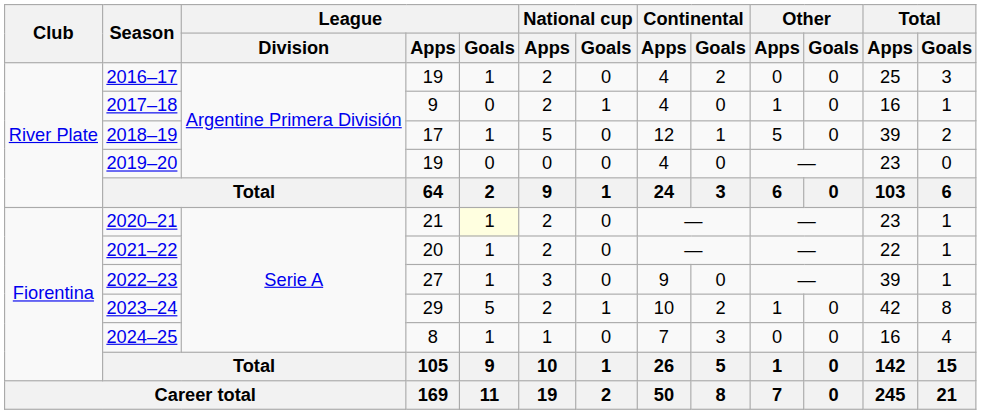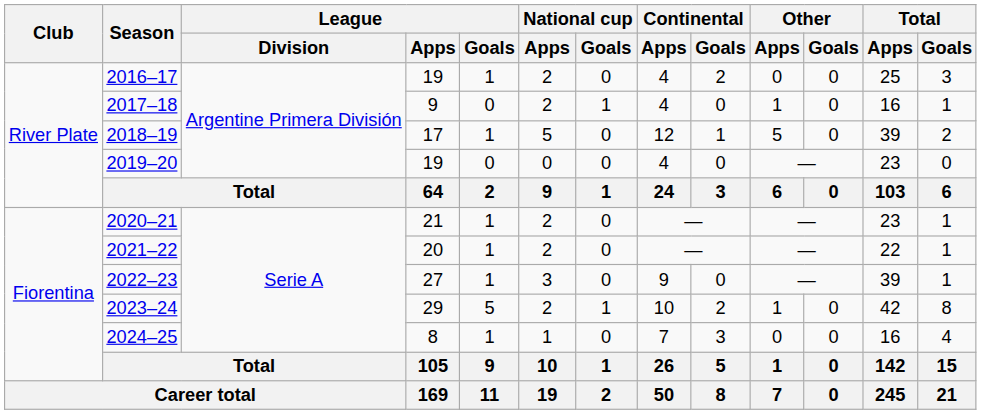 <table class="wikitable" style="text-align:center">
 <tr>
 <th rowspan="2">Club</th>
 <th rowspan="2">Season</th>
 <th colspan="3">League</th>
 <th colspan="2">National cup</th>
 <th colspan="2">Continental</th>
 <th colspan="2">Other</th>
 <th colspan="2">Total</th>
 </tr>
 <tr>
 <th>Division</th>
 <th>Apps</th>
 <th>Goals</th>
 <th>Apps</th>
 <th>Goals</th>
 <th>Apps</th>
 <th>Goals</th>
 <th>Apps</th>
 <th>Goals</th>
 <th>Apps</th>
 <th>Goals</th>
 </tr>
 <tr>
 <td rowspan="5"><a href='#'>River Plate</a></td>
 <td><a href='#'>2016–17</a></td>
 <td rowspan="4"><a href='#'>Argentine Primera División</a></td>
 <td>19</td>
 <td>1</td>
 <td>2</td>
 <td>0</td>
 <td>4</td>
 <td>2</td>
 <td>0</td>
 <td>0</td>
 <td>25</td>
 <td>3</td>
 </tr>
 <tr>
 <td><a href='#'>2017–18</a></td>
 <td>9</td>
 <td>0</td>
 <td>2</td>
 <td>1</td>
 <td>4</td>
 <td>0</td>
 <td>1</td>
 <td 0>0</td>
 <td>16</td>
 <td>1</td>
 </tr>
 <tr>
 <td><a href='#'>2018–19</a></td>
 <td>17</td>
 <td>1</td>
 <td>5</td>
 <td>0</td>
 <td>12</td>
 <td>1</td>
 <td>5</td>
 <td 0>0</td>
 <td>39</td>
 <td>2</td>
 </tr>
 <tr>
 <td><a href='#'>2019–20</a></td>
 <td>19</td>
 <td>0</td>
 <td>0</td>
 <td>0</td>
 <td>4</td>
 <td>0</td>
 <td colspan="2">—</td>
 <td>23</td>
 <td>0</td>
 </tr>
 <tr>
 <th colspan="2">Total</th>
 <th>64</th>
 <th>2</th>
 <th>9</th>
 <th>1</th>
 <th>24</th>
 <th>3</th>
 <th>6</th>
 <th>0</th>
 <th>103</th>
 <th>6</th>
 </tr>
 <tr>
 <td rowspan="6"><a href='#'>Fiorentina</a></td>
 <td><a href='#'>2020–21</a></td>
 <td rowspan="5"><a href='#'>Serie A</a></td>
 <td>21</td>
-<td style="background: lightyellow;">1</td>
+<td>1</td>
 <td>2</td>
 <td>0</td>
 <td colspan="2">—</td>
 <td colspan="2">—</td>
 <td>23</td>
 <td>1</td>
 </tr>
 <tr>
 <td><a href='#'>2021–22</a></td>
 <td>20</td>
 <td>1</td>
 <td>2</td>
 <td>0</td>
 <td colspan="2">—</td>
 <td colspan="2">—</td>
 <td>22</td>
 <td>1</td>
 </tr>
 <tr>
 <td><a href='#'>2022–23</a></td>
 <td>27</td>
 <td>1</td>
 <td>3</td>
 <td>0</td>
 <td>9</td>
 <td>0</td>
 <td colspan="2">—</td>
 <td>39</td>
 <td>1</td>
 </tr>
 <tr>
 <td><a href='#'>2023–24</a></td>
 <td>29</td>
 <td>5</td>
 <td>2</td>
 <td>1</td>
 <td>10</td>
 <td>2</td>
 <td>1</td>
 <td>0</td>
 <td>42</td>
 <td>8</td>
 </tr>
 <tr>
 <td><a href='#'>2024–25</a></td>
 <td>8</td>
 <td>1</td>
 <td>1</td>
 <td>0</td>
 <td>7</td>
 <td>3</td>
 <td>0</td>
 <td>0</td>
 <td>16</td>
 <td>4</td>
 </tr>
 <tr>
 <th colspan="2">Total</th>
 <th>105</th>
 <th>9</th>
 <th>10</th>
 <th>1</th>
 <th>26</th>
 <th>5</th>
 <th>1</th>
 <th>0</th>
 <th>142</th>
 <th>15</th>
 </tr>
 <tr>
 <th colspan="3">Career total</th>
 <th>169</th>
 <th>11</th>
 <th>19</th>
 <th>2</th>
 <th>50</th>
 <th>8</th>
 <th>7</th>
 <th>0</th>
 <th>245</th>
 <th>21</th>
 </tr>
 </table>
